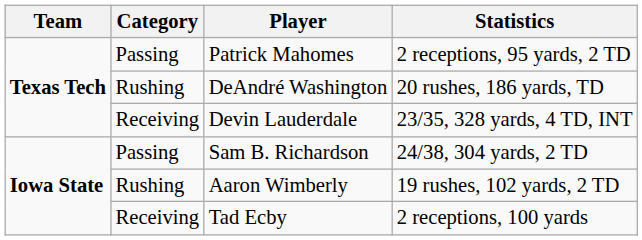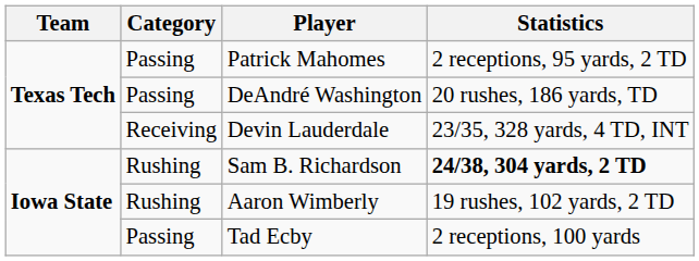 <table class="wikitable" style="float: right;">
 <tr>
 <th>Team</th>
 <th>Category</th>
 <th>Player</th>
 <th>Statistics</th>
 </tr>
 <tr>
 <td rowspan=3><strong>Texas Tech</strong></td>
 <td>Passing</td>
 <td>Patrick Mahomes</td>
 <td>2 receptions, 95 yards, 2 TD</td>
 </tr>
 <tr>
-<td>Rushing</td>
+<td>Passing</td>
 <td>DeAndré Washington</td>
 <td>20 rushes, 186 yards, TD</td>
 </tr>
 <tr>
 <td>Receiving</td>
 <td>Devin Lauderdale</td>
 <td>23/35, 328 yards, 4 TD, INT</td>
 </tr>
 <tr>
 <td rowspan=3><strong>Iowa State</strong></td>
-<td>Passing</td>
+<td>Rushing</td>
 <td>Sam B. Richardson</td>
-<td>24/38, 304 yards, 2 TD</td>
+<td><strong>24/38, 304 yards, 2 TD</strong></td>
 </tr>
 <tr>
 <td>Rushing</td>
 <td>Aaron Wimberly</td>
 <td>19 rushes, 102 yards, 2 TD</td>
 </tr>
 <tr>
-<td>Receiving</td>
+<td>Passing</td>
 <td>Tad Ecby</td>
 <td>2 receptions, 100 yards</td>
 </tr>
 </table>
